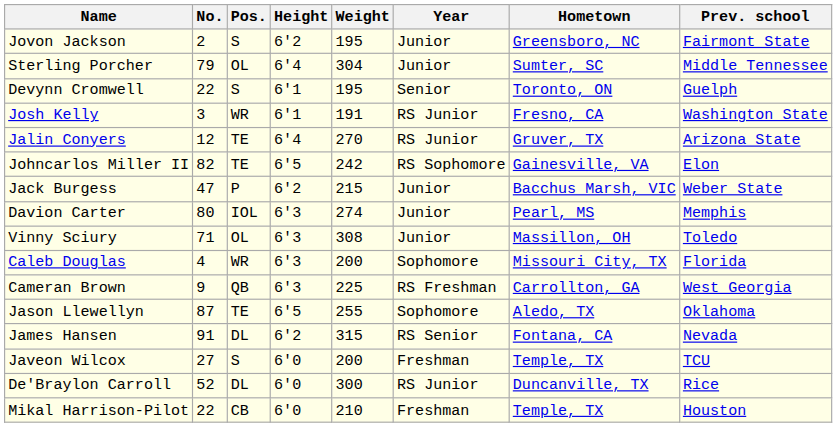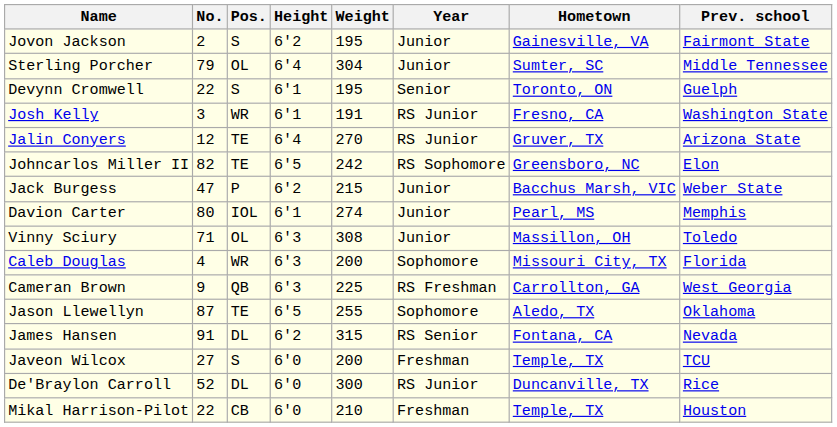 <table class="wikitable sortable">
 <tr>
 <th>Name</th>
 <th>No.</th>
 <th>Pos.</th>
 <th>Height</th>
 <th>Weight</th>
 <th>Year</th>
 <th>Hometown</th>
 <th class="unsortable">Prev. school</th>
 </tr>
 <tr style="background:#FFFFE6;">
 <td>Jovon Jackson</td>
 <td>2</td>
 <td>S</td>
 <td>6'2</td>
 <td>195</td>
 <td>Junior</td>
-<td><a href='#'>Greensboro, NC</a></td>
+<td><a href='#'>Gainesville, VA</a></td>
 <td><a href='#'>Fairmont State</a></td>
 </tr>
 <tr style="background:#FFFFE6;">
 <td>Sterling Porcher</td>
 <td>79</td>
 <td>OL</td>
 <td>6'4</td>
 <td>304</td>
 <td>Junior</td>
 <td><a href='#'>Sumter, SC</a></td>
 <td><a href='#'>Middle Tennessee</a></td>
 </tr>
 <tr style="background:#FFFFE6;">
 <td>Devynn Cromwell</td>
 <td>22</td>
 <td>S</td>
 <td>6'1</td>
 <td>195</td>
 <td>Senior</td>
 <td><a href='#'>Toronto, ON</a></td>
 <td><a href='#'>Guelph</a></td>
 </tr>
 <tr style="background:#FFFFE6;">
 <td><a href='#'>Josh Kelly</a></td>
 <td>3</td>
 <td>WR</td>
 <td>6'1</td>
 <td>191</td>
 <td>RS Junior</td>
 <td><a href='#'>Fresno, CA</a></td>
 <td><a href='#'>Washington State</a></td>
 </tr>
 <tr style="background:#FFFFE6;">
 <td><a href='#'>Jalin Conyers</a></td>
 <td>12</td>
 <td>TE</td>
 <td>6'4</td>
 <td>270</td>
 <td>RS Junior</td>
 <td><a href='#'>Gruver, TX</a></td>
 <td><a href='#'>Arizona State</a></td>
 </tr>
 <tr style="background:#FFFFE6;">
 <td>Johncarlos Miller II</td>
 <td>82</td>
 <td>TE</td>
 <td>6'5</td>
 <td>242</td>
 <td>RS Sophomore</td>
-<td><a href='#'>Gainesville, VA</a></td>
+<td><a href='#'>Greensboro, NC</a></td>
 <td><a href='#'>Elon</a></td>
 </tr>
 <tr style="background:#FFFFE6;">
 <td>Jack Burgess</td>
 <td>47</td>
 <td>P</td>
 <td>6'2</td>
 <td>215</td>
 <td>Junior</td>
 <td><a href='#'>Bacchus Marsh, VIC</a></td>
 <td><a href='#'>Weber State</a></td>
 </tr>
 <tr style="background:#FFFFE6;">
 <td>Davion Carter</td>
 <td>80</td>
 <td>IOL</td>
-<td>6'3</td>
+<td>6'1</td>
 <td>274</td>
 <td>Junior</td>
 <td><a href='#'>Pearl, MS</a></td>
 <td><a href='#'>Memphis</a></td>
 </tr>
 <tr style="background:#FFFFE6;">
 <td>Vinny Sciury</td>
 <td>71</td>
 <td>OL</td>
 <td>6'3</td>
 <td>308</td>
 <td>Junior</td>
 <td><a href='#'>Massillon, OH</a></td>
 <td><a href='#'>Toledo</a></td>
 </tr>
 <tr style="background:#FFFFE6;">
 <td><a href='#'>Caleb Douglas</a></td>
 <td>4</td>
 <td>WR</td>
 <td>6'3</td>
 <td>200</td>
 <td>Sophomore</td>
 <td><a href='#'>Missouri City, TX</a></td>
 <td><a href='#'>Florida</a></td>
 </tr>
 <tr style="background:#FFFFE6;">
 <td>Cameran Brown</td>
 <td>9</td>
 <td>QB</td>
 <td>6'3</td>
 <td>225</td>
 <td>RS Freshman</td>
 <td><a href='#'>Carrollton, GA</a></td>
 <td><a href='#'>West Georgia</a></td>
 </tr>
 <tr style="background:#FFFFE6;">
 <td>Jason Llewellyn</td>
 <td>87</td>
 <td>TE</td>
 <td>6'5</td>
 <td>255</td>
 <td>Sophomore</td>
 <td><a href='#'>Aledo, TX</a></td>
 <td><a href='#'>Oklahoma</a></td>
 </tr>
 <tr style="background:#FFFFE6;">
 <td>James Hansen</td>
 <td>91</td>
 <td>DL</td>
 <td>6'2</td>
 <td>315</td>
 <td>RS Senior</td>
 <td><a href='#'>Fontana, CA</a></td>
 <td><a href='#'>Nevada</a></td>
 </tr>
 <tr style="background:#FFFFE6;">
 <td>Javeon Wilcox</td>
 <td>27</td>
 <td>S</td>
 <td>6'0</td>
 <td>200</td>
 <td>Freshman</td>
 <td><a href='#'>Temple, TX</a></td>
 <td><a href='#'>TCU</a></td>
 </tr>
 <tr style="background:#FFFFE6;">
 <td>De'Braylon Carroll</td>
 <td>52</td>
 <td>DL</td>
 <td>6'0</td>
 <td>300</td>
 <td>RS Junior</td>
 <td><a href='#'>Duncanville, TX</a></td>
 <td><a href='#'>Rice</a></td>
 </tr>
 <tr style="background:#FFFFE6;">
 <td>Mikal Harrison-Pilot</td>
 <td>22</td>
 <td>CB</td>
 <td>6'0</td>
 <td>210</td>
 <td>Freshman</td>
 <td><a href='#'>Temple, TX</a></td>
 <td><a href='#'>Houston</a></td>
 </tr>
 </table>
